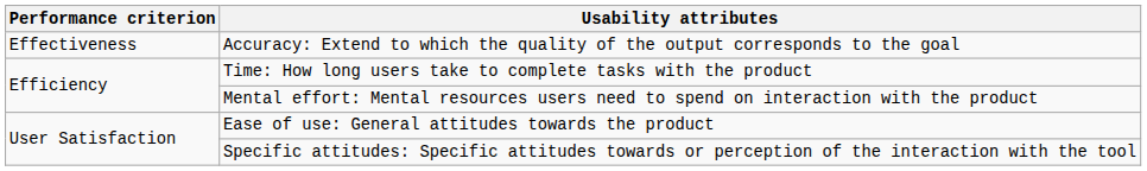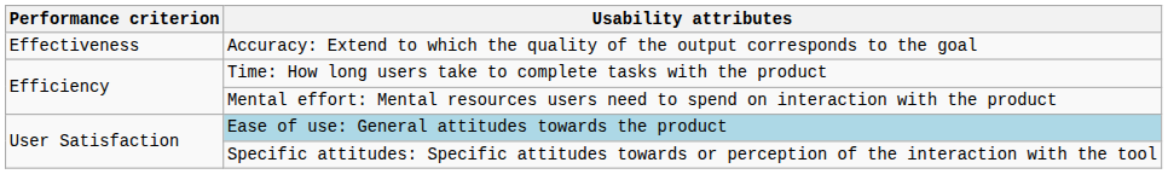 <table class="wikitable">
 <tr>
 <th>Performance criterion</th>
 <th>Usability attributes</th>
 </tr>
 <tr>
 <td>Effectiveness</td>
 <td>Accuracy: Extend to which the quality of the output corresponds to the goal</td>
 </tr>
 <tr>
 <td rowspan="2">Efficiency</td>
 <td>Time: How long users take to complete tasks with the product</td>
 </tr>
 <tr>
 <td>Mental effort: Mental resources users need to spend on interaction with the product</td>
 </tr>
 <tr>
 <td rowspan="2">User Satisfaction</td>
-<td>Ease of use: General attitudes towards the product</td>
+<td style="background: lightblue;">Ease of use: General attitudes towards the product</td>
 </tr>
 <tr>
 <td>Specific attitudes: Specific attitudes towards or perception of the interaction with the tool</td>
 </tr>
 </table>
